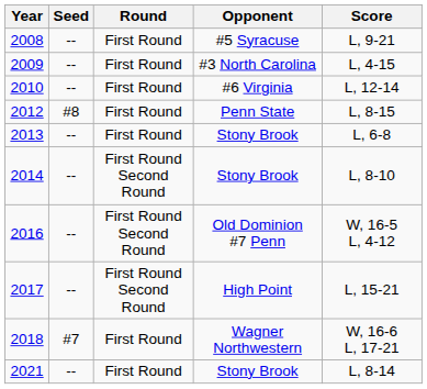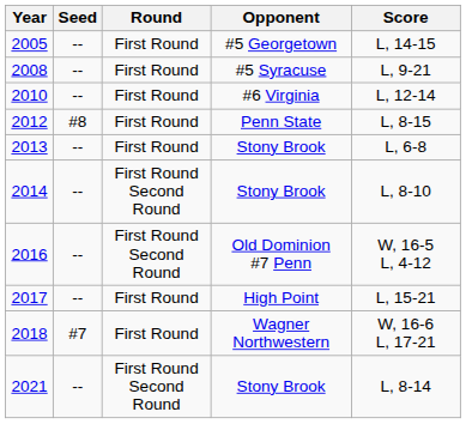 <table class="wikitable">
 <tr>
 <th style="width:40px; ">Year</th>
 <th style="width:40px; ">Seed</th>
 <th style="width:100px; ">Round</th>
 <th style="width:130px; ">Opponent</th>
 <th style="width:100px; ">Score</th>
 </tr>
 <tr align="center">
+<td><a href='#'>2005</a></td>
+<td>--</td>
+<td>First Round</td>
+<td>#5 <a href='#'>Georgetown</a></td>
+<td>L, 14-15</td>
+</tr>
+<tr align="center">
 <td><a href='#'>2008</a></td>
 <td>--</td>
 <td>First Round</td>
 <td>#5 <a href='#'>Syracuse</a></td>
 <td>L, 9-21</td>
-</tr>
-<tr align="center">
-<td><a href='#'>2009</a></td>
-<td>--</td>
-<td>First Round</td>
-<td>#3 <a href='#'>North Carolina</a></td>
-<td>L, 4-15</td>
 </tr>
 <tr align="center">
 <td><a href='#'>2010</a></td>
 <td>--</td>
 <td>First Round</td>
 <td>#6 <a href='#'>Virginia</a></td>
 <td>L, 12-14</td>
 </tr>
 <tr align="center">
 <td><a href='#'>2012</a></td>
 <td>#8</td>
 <td>First Round</td>
 <td><a href='#'>Penn State</a></td>
 <td>L, 8-15</td>
 </tr>
 <tr align="center">
 <td><a href='#'>2013</a></td>
 <td>--</td>
 <td>First Round</td>
 <td><a href='#'>Stony Brook</a></td>
 <td>L, 6-8</td>
 </tr>
 <tr align="center">
 <td><a href='#'>2014</a></td>
 <td>--</td>
 <td>First Round<br>Second Round</td>
 <td><a href='#'>Stony Brook</a></td>
 <td>L, 8-10</td>
 </tr>
 <tr align="center">
 <td><a href='#'>2016</a></td>
 <td>--</td>
 <td>First Round<br>Second Round</td>
 <td><a href='#'>Old Dominion</a><br>#7 <a href='#'>Penn</a></td>
 <td>W, 16-5<br>L, 4-12</td>
 </tr>
 <tr align="center">
 <td><a href='#'>2017</a></td>
 <td>--</td>
-<td>First Round<br>Second Round</td>
+<td>First Round</td>
 <td><a href='#'>High Point</a></td>
 <td>L, 15-21</td>
 </tr>
 <tr align="center">
 <td><a href='#'>2018</a></td>
 <td>#7</td>
 <td>First Round</td>
 <td><a href='#'>Wagner</a><br><a href='#'>Northwestern</a></td>
 <td>W, 16-6<br>L, 17-21</td>
 </tr>
 <tr align="center">
 <td><a href='#'>2021</a></td>
 <td>--</td>
-<td>First Round</td>
+<td>First Round<br>Second Round</td>
 <td><a href='#'>Stony Brook</a></td>
 <td>L, 8-14</td>
 </tr>
 </table>
